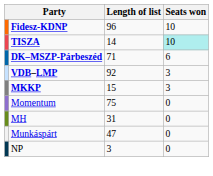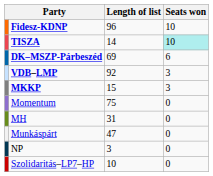 <table class="wikitable sortable">
 <tr>
 <th colspan="2">Party</th>
 <th>Length of list</th>
 <th>Seats won</th>
 </tr>
 <tr>
 <td style="background-color:#FF6A00; color:black"></td>
 <td><strong><a href='#'>Fidesz-KDNP</a></strong></td>
 <td>96</td>
 <td>10</td>
 </tr>
 <tr>
 <td style="background-color:#ED4551; color:black"></td>
 <td><a href='#'><strong>TISZA</strong></a></td>
 <td>14</td>
 <td style="background: paleturquoise;">10</td>
 </tr>
 <tr>
 <td style="background-color:#0067AA; color:black"></td>
 <td><a href='#'><strong>DK–MSZP-Párbeszéd</strong></a></td>
-<td>71</td>
+<td>69</td>
 <td>6</td>
 </tr>
 <tr>
 <td style="background-color:#C6E2FF; color:black"></td>
 <td><strong><a href='#'>VDB</a>–<a href='#'>LMP</a></strong></td>
 <td>92</td>
 <td>3</td>
 </tr>
 <tr>
 <td style="background-color:#808080; color:black"></td>
 <td><a href='#'><strong>MKKP</strong></a></td>
 <td>15</td>
 <td>3</td>
 </tr>
 <tr>
 <td style="background-color:#8E6FCE; color:black"></td>
 <td><a href='#'>Momentum</a></td>
 <td>75</td>
 <td>0</td>
 </tr>
 <tr>
 <td style="background-color:#688D1B; color:black"></td>
 <td><a href='#'>MH</a></td>
 <td>31</td>
 <td>0</td>
 </tr>
 <tr>
 <th style="background:"></th>
 <td><a href='#'>Munkáspárt</a></td>
 <td>47</td>
 <td>0</td>
 </tr>
 <tr>
 <td style="background-color:#023854; color:black"></td>
 <td>NP</td>
 <td>3</td>
 <td>0</td>
 </tr>
+<tr>
+<td style="background-color:#CC0000; color:black"></td>
+<td><a href='#'>Szolidaritás</a>–<a href='#'>LP7</a>–<a href='#'>HP</a></td>
+<td>10</td>
+<td>0</td>
+</tr>
 </table>
